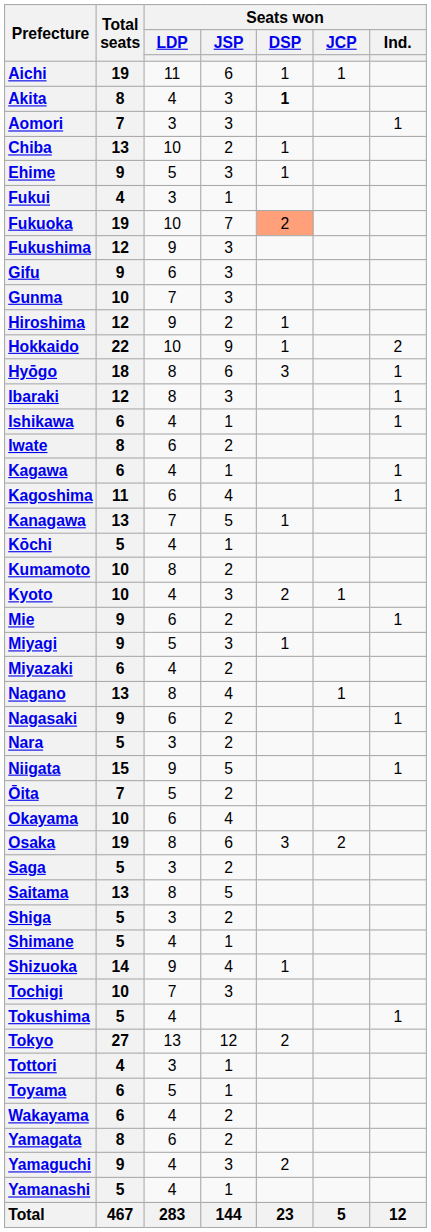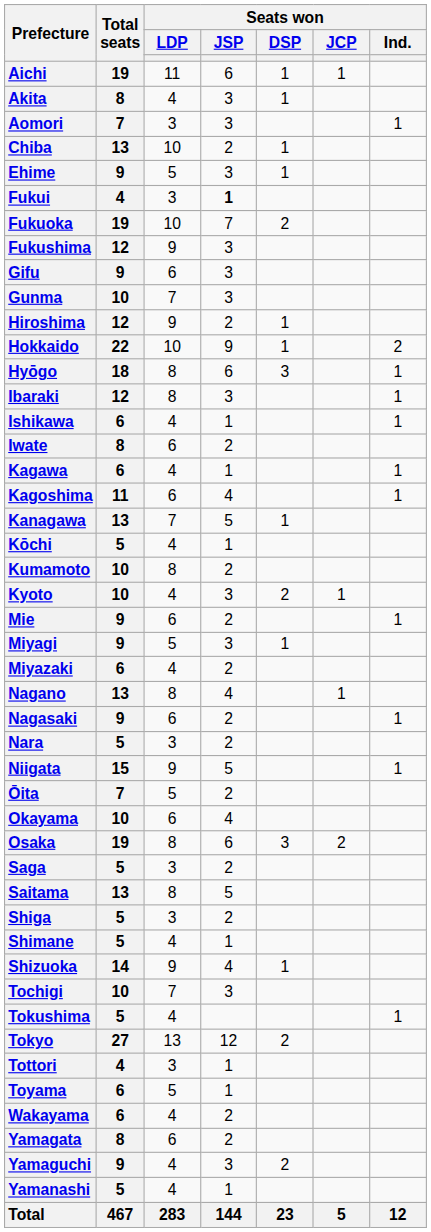 <table class="wikitable" style="text-align:center; font-size: 0.9em;">
 <tr>
 <th rowspan="3">Prefecture</th>
 <th rowspan="3">Total<br>seats</th>
 <th colspan="5">Seats won</th>
 </tr>
 <tr>
 <th class="unsortable" style="width:45px;"><a href='#'>LDP</a></th>
 <th class="unsortable" style="width:45px;"><a href='#'>JSP</a></th>
 <th class="unsortable" style="width:45px;"><a href='#'>DSP</a></th>
 <th class="unsortable" style="width:45px;"><a href='#'>JCP</a></th>
 <th class="unsortable" style="width:45px;">Ind.</th>
 </tr>
 <tr>
 <th style="background:"></th>
 <th style="background:"></th>
 <th style="background:"></th>
 <th style="background:"></th>
 <th style="background:"></th>
 </tr>
 <tr>
 <th style="text-align: left;"><a href='#'>Aichi</a></th>
 <th>19</th>
 <td>11</td>
 <td>6</td>
 <td>1</td>
 <td>1</td>
 <td></td>
 </tr>
 <tr>
 <th style="text-align: left;"><a href='#'>Akita</a></th>
 <th>8</th>
 <td>4</td>
 <td>3</td>
-<td><strong>1</strong></td>
+<td>1</td>
 <td></td>
 <td></td>
 </tr>
 <tr>
 <th style="text-align: left;"><a href='#'>Aomori</a></th>
 <th>7</th>
 <td>3</td>
 <td>3</td>
 <td></td>
 <td></td>
 <td>1</td>
 </tr>
 <tr>
 <th style="text-align: left;"><a href='#'>Chiba</a></th>
 <th>13</th>
 <td>10</td>
 <td>2</td>
 <td>1</td>
 <td></td>
 <td></td>
 </tr>
 <tr>
 <th style="text-align: left;"><a href='#'>Ehime</a></th>
 <th>9</th>
 <td>5</td>
 <td>3</td>
 <td>1</td>
 <td></td>
 <td></td>
 </tr>
 <tr>
 <th style="text-align: left;"><a href='#'>Fukui</a></th>
 <th>4</th>
 <td>3</td>
-<td>1</td>
+<td><strong>1</strong></td>
 <td></td>
 <td></td>
 <td></td>
 </tr>
 <tr>
 <th style="text-align: left;"><a href='#'>Fukuoka</a></th>
 <th>19</th>
 <td>10</td>
 <td>7</td>
-<td style="background: lightsalmon;">2</td>
+<td>2</td>
 <td></td>
 <td></td>
 </tr>
 <tr>
 <th style="text-align: left;"><a href='#'>Fukushima</a></th>
 <th>12</th>
 <td>9</td>
 <td>3</td>
 <td></td>
 <td></td>
 <td></td>
 </tr>
 <tr>
 <th style="text-align: left;"><a href='#'>Gifu</a></th>
 <th>9</th>
 <td>6</td>
 <td>3</td>
 <td></td>
 <td></td>
 <td></td>
 </tr>
 <tr>
 <th style="text-align: left;"><a href='#'>Gunma</a></th>
 <th>10</th>
 <td>7</td>
 <td>3</td>
 <td></td>
 <td></td>
 <td></td>
 </tr>
 <tr>
 <th style="text-align: left;"><a href='#'>Hiroshima</a></th>
 <th>12</th>
 <td>9</td>
 <td>2</td>
 <td>1</td>
 <td></td>
 <td></td>
 </tr>
 <tr>
 <th style="text-align: left;"><a href='#'>Hokkaido</a></th>
 <th>22</th>
 <td>10</td>
 <td>9</td>
 <td>1</td>
 <td></td>
 <td>2</td>
 </tr>
 <tr>
 <th style="text-align: left;"><a href='#'>Hyōgo</a></th>
 <th>18</th>
 <td>8</td>
 <td>6</td>
 <td>3</td>
 <td></td>
 <td>1</td>
 </tr>
 <tr>
 <th style="text-align: left;"><a href='#'>Ibaraki</a></th>
 <th>12</th>
 <td>8</td>
 <td>3</td>
 <td></td>
 <td></td>
 <td>1</td>
 </tr>
 <tr>
 <th style="text-align: left;"><a href='#'>Ishikawa</a></th>
 <th>6</th>
 <td>4</td>
 <td>1</td>
 <td></td>
 <td></td>
 <td>1</td>
 </tr>
 <tr>
 <th style="text-align: left;"><a href='#'>Iwate</a></th>
 <th>8</th>
 <td>6</td>
 <td>2</td>
 <td></td>
 <td></td>
 <td></td>
 </tr>
 <tr>
 <th style="text-align: left;"><a href='#'>Kagawa</a></th>
 <th>6</th>
 <td>4</td>
 <td>1</td>
 <td></td>
 <td></td>
 <td>1</td>
 </tr>
 <tr>
 <th style="text-align: left;"><a href='#'>Kagoshima</a></th>
 <th>11</th>
 <td>6</td>
 <td>4</td>
 <td></td>
 <td></td>
 <td>1</td>
 </tr>
 <tr>
 <th style="text-align: left;"><a href='#'>Kanagawa</a></th>
 <th>13</th>
 <td>7</td>
 <td>5</td>
 <td>1</td>
 <td></td>
 <td></td>
 </tr>
 <tr>
 <th style="text-align: left;"><a href='#'>Kōchi</a></th>
 <th>5</th>
 <td>4</td>
 <td>1</td>
 <td></td>
 <td></td>
 <td></td>
 </tr>
 <tr>
 <th style="text-align: left;"><a href='#'>Kumamoto</a></th>
 <th>10</th>
 <td>8</td>
 <td>2</td>
 <td></td>
 <td></td>
 <td></td>
 </tr>
 <tr>
 <th style="text-align: left;"><a href='#'>Kyoto</a></th>
 <th>10</th>
 <td>4</td>
 <td>3</td>
 <td>2</td>
 <td>1</td>
 <td></td>
 </tr>
 <tr>
 <th style="text-align: left;"><a href='#'>Mie</a></th>
 <th>9</th>
 <td>6</td>
 <td>2</td>
 <td></td>
 <td></td>
 <td>1</td>
 </tr>
 <tr>
 <th style="text-align: left;"><a href='#'>Miyagi</a></th>
 <th>9</th>
 <td>5</td>
 <td>3</td>
 <td>1</td>
 <td></td>
 <td></td>
 </tr>
 <tr>
 <th style="text-align: left;"><a href='#'>Miyazaki</a></th>
 <th>6</th>
 <td>4</td>
 <td>2</td>
 <td></td>
 <td></td>
 <td></td>
 </tr>
 <tr>
 <th style="text-align: left;"><a href='#'>Nagano</a></th>
 <th>13</th>
 <td>8</td>
 <td>4</td>
 <td></td>
 <td>1</td>
 <td></td>
 </tr>
 <tr>
 <th style="text-align: left;"><a href='#'>Nagasaki</a></th>
 <th>9</th>
 <td>6</td>
 <td>2</td>
 <td></td>
 <td></td>
 <td>1</td>
 </tr>
 <tr>
 <th style="text-align: left;"><a href='#'>Nara</a></th>
 <th>5</th>
 <td>3</td>
 <td>2</td>
 <td></td>
 <td></td>
 <td></td>
 </tr>
 <tr>
 <th style="text-align: left;"><a href='#'>Niigata</a></th>
 <th>15</th>
 <td>9</td>
 <td>5</td>
 <td></td>
 <td></td>
 <td>1</td>
 </tr>
 <tr>
 <th style="text-align: left;"><a href='#'>Ōita</a></th>
 <th>7</th>
 <td>5</td>
 <td>2</td>
 <td></td>
 <td></td>
 <td></td>
 </tr>
 <tr>
 <th style="text-align: left;"><a href='#'>Okayama</a></th>
 <th>10</th>
 <td>6</td>
 <td>4</td>
 <td></td>
 <td></td>
 <td></td>
 </tr>
 <tr>
 <th style="text-align: left;"><a href='#'>Osaka</a></th>
 <th>19</th>
 <td>8</td>
 <td>6</td>
 <td>3</td>
 <td>2</td>
 <td></td>
 </tr>
 <tr>
 <th style="text-align: left;"><a href='#'>Saga</a></th>
 <th>5</th>
 <td>3</td>
 <td>2</td>
 <td></td>
 <td></td>
 <td></td>
 </tr>
 <tr>
 <th style="text-align: left;"><a href='#'>Saitama</a></th>
 <th>13</th>
 <td>8</td>
 <td>5</td>
 <td></td>
 <td></td>
 <td></td>
 </tr>
 <tr>
 <th style="text-align: left;"><a href='#'>Shiga</a></th>
 <th>5</th>
 <td>3</td>
 <td>2</td>
 <td></td>
 <td></td>
 <td></td>
 </tr>
 <tr>
 <th style="text-align: left;"><a href='#'>Shimane</a></th>
 <th>5</th>
 <td>4</td>
 <td>1</td>
 <td></td>
 <td></td>
 <td></td>
 </tr>
 <tr>
 <th style="text-align: left;"><a href='#'>Shizuoka</a></th>
 <th>14</th>
 <td>9</td>
 <td>4</td>
 <td>1</td>
 <td></td>
 <td></td>
 </tr>
 <tr>
 <th style="text-align: left;"><a href='#'>Tochigi</a></th>
 <th>10</th>
 <td>7</td>
 <td>3</td>
 <td></td>
 <td></td>
 <td></td>
 </tr>
 <tr>
 <th style="text-align: left;"><a href='#'>Tokushima</a></th>
 <th>5</th>
 <td>4</td>
 <td></td>
 <td></td>
 <td></td>
 <td>1</td>
 </tr>
 <tr>
 <th style="text-align: left;"><a href='#'>Tokyo</a></th>
 <th>27</th>
 <td>13</td>
 <td>12</td>
 <td>2</td>
 <td></td>
 <td></td>
 </tr>
 <tr>
 <th style="text-align: left;"><a href='#'>Tottori</a></th>
 <th>4</th>
 <td>3</td>
 <td>1</td>
 <td></td>
 <td></td>
 <td></td>
 </tr>
 <tr>
 <th style="text-align: left;"><a href='#'>Toyama</a></th>
 <th>6</th>
 <td>5</td>
 <td>1</td>
 <td></td>
 <td></td>
 <td></td>
 </tr>
 <tr>
 <th style="text-align: left;"><a href='#'>Wakayama</a></th>
 <th>6</th>
 <td>4</td>
 <td>2</td>
 <td></td>
 <td></td>
 <td></td>
 </tr>
 <tr>
 <th style="text-align: left;"><a href='#'>Yamagata</a></th>
 <th>8</th>
 <td>6</td>
 <td>2</td>
 <td></td>
 <td></td>
 <td></td>
 </tr>
 <tr>
 <th style="text-align: left;"><a href='#'>Yamaguchi</a></th>
 <th>9</th>
 <td>4</td>
 <td>3</td>
 <td>2</td>
 <td></td>
 <td></td>
 </tr>
 <tr>
 <th style="text-align: left;"><a href='#'>Yamanashi</a></th>
 <th>5</th>
 <td>4</td>
 <td>1</td>
 <td></td>
 <td></td>
 <td></td>
 </tr>
 <tr class="sortbottom">
 <th style="text-align: left;">Total</th>
 <th>467</th>
 <th>283</th>
 <th>144</th>
 <th>23</th>
 <th>5</th>
 <th>12</th>
 </tr>
 </table>
